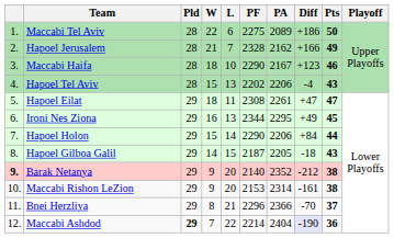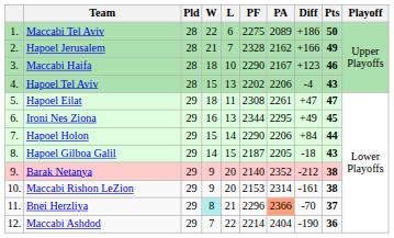 <table class="wikitable sortable" style="text-align:center">
 <tr>
 <th width=15></th>
 <th width=220>Team</th>
 <th width=20>Pld</th>
 <th width=20>W</th>
 <th width=20>L</th>
 <th width=20>PF</th>
 <th width=20>PA</th>
 <th width=30>Diff</th>
 <th width=20>Pts</th>
 <th width=60>Playoff</th>
 </tr>
 <tr style="background:#ACE1AF;">
 <td>1.</td>
 <td align=left><a href='#'>Maccabi Tel Aviv</a></td>
 <td>28</td>
 <td>22</td>
 <td>6</td>
 <td>2275</td>
 <td>2089</td>
 <td>+186</td>
 <td><strong>50</strong></td>
 <td rowspan=4 align=center>Upper Playoffs</td>
 </tr>
 <tr style="background:#ACE1AF;">
 <td>2.</td>
 <td align=left><a href='#'>Hapoel Jerusalem</a></td>
 <td>28</td>
 <td>21</td>
 <td>7</td>
 <td>2328</td>
 <td>2162</td>
 <td>+166</td>
 <td><strong>49</strong></td>
 </tr>
 <tr style="background:#ACE1AF;">
 <td>3.</td>
 <td align=left><a href='#'>Maccabi Haifa</a></td>
 <td>28</td>
 <td>18</td>
 <td>10</td>
 <td>2290</td>
 <td>2167</td>
 <td>+123</td>
 <td><strong>46</strong></td>
 </tr>
 <tr style="background:#ACE1AF;">
 <td>4.</td>
 <td align=left><a href='#'>Hapoel Tel Aviv</a></td>
 <td>28</td>
 <td>15</td>
 <td>13</td>
 <td>2202</td>
 <td>2206</td>
 <td>-4</td>
 <td><strong>43</strong></td>
 </tr>
 <tr style="background:#dfd;">
 <td>5.</td>
 <td align=left><a href='#'>Hapoel Eilat</a></td>
 <td>29</td>
 <td>18</td>
 <td>11</td>
 <td>2308</td>
 <td>2261</td>
 <td>+47</td>
 <td><strong>47</strong></td>
 <td bgcolor="#ffffff" rowspan=8 align=center>Lower Playoffs</td>
 </tr>
 <tr style="background:#dfd;">
 <td>6.</td>
 <td align=left><a href='#'>Ironi Nes Ziona</a></td>
 <td>29</td>
 <td>16</td>
 <td>13</td>
 <td>2344</td>
 <td>2295</td>
 <td>+49</td>
 <td><strong>45</strong></td>
 </tr>
 <tr style="background:#dfd;">
 <td>7.</td>
 <td align=left><a href='#'>Hapoel Holon</a></td>
 <td>29</td>
 <td>15</td>
 <td>14</td>
 <td>2290</td>
 <td>2206</td>
 <td>+84</td>
 <td><strong>44</strong></td>
 </tr>
 <tr style="background:#dfd;">
 <td>8.</td>
 <td align=left><a href='#'>Hapoel Gilboa Galil</a></td>
 <td>29</td>
 <td>14</td>
 <td>15</td>
 <td>2187</td>
 <td>2205</td>
 <td>-18</td>
 <td><strong>43</strong></td>
 </tr>
 <tr bgcolor=FFCCCC>
-<td><strong>9.</strong></td>
+<td>9.</td>
 <td align=left><a href='#'>Barak Netanya</a></td>
 <td>29</td>
 <td>9</td>
 <td>20</td>
 <td>2140</td>
 <td>2352</td>
 <td>-212</td>
 <td><strong>38</strong></td>
 </tr>
 <tr>
 <td>10.</td>
 <td align=left><a href='#'>Maccabi Rishon LeZion</a></td>
 <td>29</td>
 <td>9</td>
 <td>20</td>
 <td>2153</td>
 <td>2314</td>
 <td>-161</td>
 <td><strong>38</strong></td>
 </tr>
 <tr>
 <td>11.</td>
 <td align=left><a href='#'>Bnei Herzliya</a></td>
 <td>29</td>
-<td>8</td>
+<td style="background: paleturquoise;">8</td>
 <td>21</td>
 <td>2296</td>
-<td>2366</td>
+<td style="background: lightsalmon;">2366</td>
 <td>-70</td>
 <td><strong>37</strong></td>
 </tr>
 <tr>
 <td>12.</td>
 <td align=left><a href='#'>Maccabi Ashdod</a></td>
-<td><strong>29</strong></td>
+<td>29</td>
 <td>7</td>
 <td>22</td>
 <td>2214</td>
 <td>2404</td>
-<td style="background: lavender;">-190</td>
+<td>-190</td>
 <td><strong>36</strong></td>
 </tr>
 </table>
